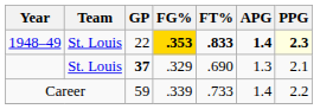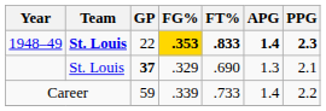 <table class="wikitable sortable" style="font-size:95%; text-align:right;">
 <tr>
 <th>Year</th>
 <th>Team</th>
 <th>GP</th>
 <th>FG%</th>
 <th>FT%</th>
 <th>APG</th>
 <th>PPG</th>
 </tr>
 <tr>
 <td style="text-align:left;"><a href='#'>1948–49</a></td>
-<td style="text-align:left;"><a href='#'>St. Louis</a></td>
+<td style="text-align:left;"><strong><a href='#'>St. Louis</a></strong></td>
 <td>22</td>
 <td style="background: gold;"><strong>.353</strong></td>
 <td><strong>.833</strong></td>
 <td><strong>1.4</strong></td>
-<td style="background: lightyellow;"><strong>2.3</strong></td>
+<td><strong>2.3</strong></td>
 </tr>
 <tr>
 <td style="text-align:left;"></td>
 <td style="text-align:left;"><a href='#'>St. Louis</a></td>
 <td><strong>37</strong></td>
 <td>.329</td>
 <td>.690</td>
 <td>1.3</td>
 <td>2.1</td>
 </tr>
 <tr>
 <td style="text-align:center;" colspan="2">Career</td>
 <td>59</td>
 <td>.339</td>
 <td>.733</td>
 <td>1.4</td>
 <td>2.2</td>
 </tr>
 <tr>
 </tr>
 </table>
